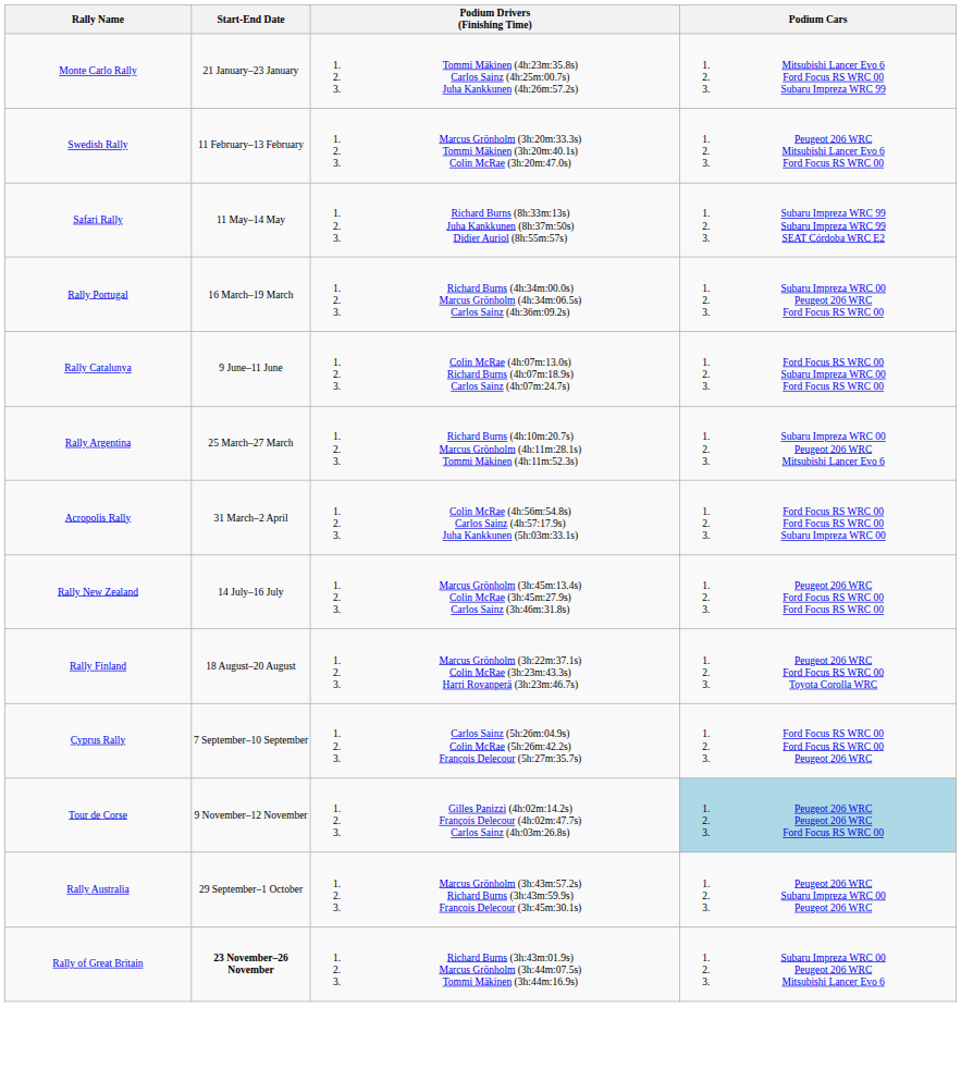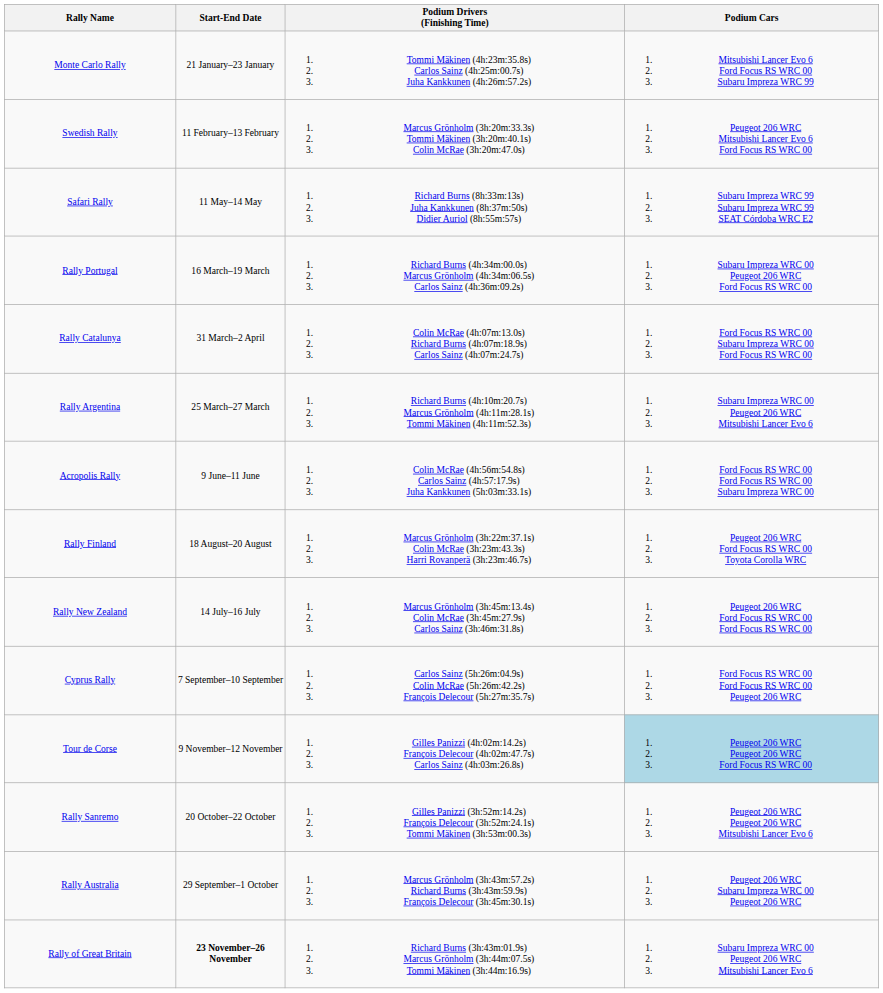 <table class="wikitable" style="font-size: 85%; text-align: center;">
 <tr style="background:#efefef;">
 <th colspan=1 width=20%>Rally Name</th>
 <th colspan=1 width=10%>Start-End Date</th>
 <th colspan=1 width=40%>Podium Drivers <br>(Finishing Time)</th>
 <th colspan=1 width=30%>Podium Cars</th>
 </tr>
 <tr>
 <td> <a href='#'>Monte Carlo Rally</a></td>
 <td>21 January–23 January</td>
 <td><br><ol><li> <a href='#'>Tommi Mäkinen</a> (4h:23m:35.8s)</li><li> <a href='#'>Carlos Sainz</a> (4h:25m:00.7s)</li><li> <a href='#'>Juha Kankkunen</a> (4h:26m:57.2s)</li></ol></td>
 <td><br><ol><li><a href='#'>Mitsubishi Lancer Evo 6</a></li><li><a href='#'>Ford Focus RS WRC 00</a></li><li><a href='#'>Subaru Impreza WRC 99</a></li></ol></td>
 </tr>
 <tr>
 <td> <a href='#'>Swedish Rally</a></td>
 <td>11 February–13 February</td>
 <td><br><ol><li> <a href='#'>Marcus Grönholm</a> (3h:20m:33.3s)</li><li> <a href='#'>Tommi Mäkinen</a> (3h:20m:40.1s)</li><li> <a href='#'>Colin McRae</a> (3h:20m:47.0s)</li></ol></td>
 <td><br><ol><li><a href='#'>Peugeot 206 WRC</a></li><li><a href='#'>Mitsubishi Lancer Evo 6</a></li><li><a href='#'>Ford Focus RS WRC 00</a></li></ol></td>
 </tr>
 <tr>
 <td> <a href='#'>Safari Rally</a></td>
 <td>11 May–14 May</td>
 <td><br><ol><li> <a href='#'>Richard Burns</a> (8h:33m:13s)</li><li> <a href='#'>Juha Kankkunen</a> (8h:37m:50s)</li><li> <a href='#'>Didier Auriol</a> (8h:55m:57s)</li></ol></td>
 <td><br><ol><li><a href='#'>Subaru Impreza WRC 99</a></li><li><a href='#'>Subaru Impreza WRC 99</a></li><li><a href='#'>SEAT Córdoba WRC E2</a></li></ol></td>
 </tr>
 <tr>
 <td> <a href='#'>Rally Portugal</a></td>
 <td>16 March–19 March</td>
 <td><br><ol><li> <a href='#'>Richard Burns</a> (4h:34m:00.0s)</li><li> <a href='#'>Marcus Grönholm</a> (4h:34m:06.5s)</li><li> <a href='#'>Carlos Sainz</a> (4h:36m:09.2s)</li></ol></td>
 <td><br><ol><li><a href='#'>Subaru Impreza WRC 00</a></li><li><a href='#'>Peugeot 206 WRC</a></li><li><a href='#'>Ford Focus RS WRC 00</a></li></ol></td>
 </tr>
 <tr>
 <td> <a href='#'>Rally Catalunya</a></td>
-<td>9 June–11 June</td>
+<td>31 March–2 April</td>
 <td><br><ol><li> <a href='#'>Colin McRae</a> (4h:07m:13.0s)</li><li> <a href='#'>Richard Burns</a> (4h:07m:18.9s)</li><li> <a href='#'>Carlos Sainz</a> (4h:07m:24.7s)</li></ol></td>
 <td><br><ol><li><a href='#'>Ford Focus RS WRC 00</a></li><li><a href='#'>Subaru Impreza WRC 00</a></li><li><a href='#'>Ford Focus RS WRC 00</a></li></ol></td>
 </tr>
 <tr>
 <td> <a href='#'>Rally Argentina</a></td>
 <td>25 March–27 March</td>
 <td><br><ol><li> <a href='#'>Richard Burns</a> (4h:10m:20.7s)</li><li> <a href='#'>Marcus Grönholm</a> (4h:11m:28.1s)</li><li> <a href='#'>Tommi Mäkinen</a> (4h:11m:52.3s)</li></ol></td>
 <td><br><ol><li><a href='#'>Subaru Impreza WRC 00</a></li><li><a href='#'>Peugeot 206 WRC</a></li><li><a href='#'>Mitsubishi Lancer Evo 6</a></li></ol></td>
 </tr>
 <tr>
 <td> <a href='#'>Acropolis Rally</a></td>
-<td>31 March–2 April</td>
+<td>9 June–11 June</td>
 <td><br><ol><li> <a href='#'>Colin McRae</a> (4h:56m:54.8s)</li><li> <a href='#'>Carlos Sainz</a> (4h:57:17.9s)</li><li> <a href='#'>Juha Kankkunen</a> (5h:03m:33.1s)</li></ol></td>
 <td><br><ol><li><a href='#'>Ford Focus RS WRC 00</a></li><li><a href='#'>Ford Focus RS WRC 00</a></li><li><a href='#'>Subaru Impreza WRC 00</a></li></ol></td>
+</tr>
+<tr>
+<td> <a href='#'>Rally Finland</a></td>
+<td>18 August–20 August</td>
+<td><br><ol><li> <a href='#'>Marcus Grönholm</a> (3h:22m:37.1s)</li><li> <a href='#'>Colin McRae</a> (3h:23m:43.3s)</li><li> <a href='#'>Harri Rovanperä</a> (3h:23m:46.7s)</li></ol></td>
+<td><br><ol><li><a href='#'>Peugeot 206 WRC</a></li><li><a href='#'>Ford Focus RS WRC 00</a></li><li><a href='#'>Toyota Corolla WRC</a></li></ol></td>
 </tr>
 <tr>
 <td> <a href='#'>Rally New Zealand</a></td>
 <td>14 July–16 July</td>
 <td><br><ol><li> <a href='#'>Marcus Grönholm</a> (3h:45m:13.4s)</li><li> <a href='#'>Colin McRae</a> (3h:45m:27.9s)</li><li> <a href='#'>Carlos Sainz</a> (3h:46m:31.8s)</li></ol></td>
 <td><br><ol><li><a href='#'>Peugeot 206 WRC</a></li><li><a href='#'>Ford Focus RS WRC 00</a></li><li><a href='#'>Ford Focus RS WRC 00</a></li></ol></td>
-</tr>
-<tr>
-<td> <a href='#'>Rally Finland</a></td>
-<td>18 August–20 August</td>
-<td><br><ol><li> <a href='#'>Marcus Grönholm</a> (3h:22m:37.1s)</li><li> <a href='#'>Colin McRae</a> (3h:23m:43.3s)</li><li> <a href='#'>Harri Rovanperä</a> (3h:23m:46.7s)</li></ol></td>
-<td><br><ol><li><a href='#'>Peugeot 206 WRC</a></li><li><a href='#'>Ford Focus RS WRC 00</a></li><li><a href='#'>Toyota Corolla WRC</a></li></ol></td>
 </tr>
 <tr>
 <td> <a href='#'>Cyprus Rally</a></td>
 <td nowrap>7 September–10 September</td>
 <td><br><ol><li> <a href='#'>Carlos Sainz</a> (5h:26m:04.9s)</li><li> <a href='#'>Colin McRae</a> (5h:26m:42.2s)</li><li> <a href='#'>François Delecour</a> (5h:27m:35.7s)</li></ol></td>
 <td><br><ol><li><a href='#'>Ford Focus RS WRC 00</a></li><li><a href='#'>Ford Focus RS WRC 00</a></li><li><a href='#'>Peugeot 206 WRC</a></li></ol></td>
 </tr>
 <tr>
 <td> <a href='#'>Tour de Corse</a></td>
 <td>9 November–12 November</td>
 <td><br><ol><li> <a href='#'>Gilles Panizzi</a> (4h:02m:14.2s)</li><li> <a href='#'>François Delecour</a> (4h:02m:47.7s)</li><li> <a href='#'>Carlos Sainz</a> (4h:03m:26.8s)</li></ol></td>
 <td style="background: lightblue;"><br><ol><li><a href='#'>Peugeot 206 WRC</a></li><li><a href='#'>Peugeot 206 WRC</a></li><li><a href='#'>Ford Focus RS WRC 00</a></li></ol></td>
 </tr>
 <tr>
+<td> <a href='#'>Rally Sanremo</a></td>
+<td>20 October–22 October</td>
+<td><br><ol><li> <a href='#'>Gilles Panizzi</a> (3h:52m:14.2s)</li><li> <a href='#'>François Delecour</a> (3h:52m:24.1s)</li><li> <a href='#'>Tommi Mäkinen</a> (3h:53m:00.3s)</li></ol></td>
+<td><br><ol><li><a href='#'>Peugeot 206 WRC</a></li><li><a href='#'>Peugeot 206 WRC</a></li><li><a href='#'>Mitsubishi Lancer Evo 6</a></li></ol></td>
+</tr>
+<tr>
 <td> <a href='#'>Rally Australia</a></td>
 <td>29 September–1 October</td>
 <td><br><ol><li> <a href='#'>Marcus Grönholm</a> (3h:43m:57.2s)</li><li> <a href='#'>Richard Burns</a> (3h:43m:59.9s)</li><li> <a href='#'>François Delecour</a> (3h:45m:30.1s)</li></ol></td>
 <td><br><ol><li><a href='#'>Peugeot 206 WRC</a></li><li><a href='#'>Subaru Impreza WRC 00</a></li><li><a href='#'>Peugeot 206 WRC</a></li></ol></td>
 </tr>
 <tr>
 <td nowrap> <a href='#'>Rally of Great Britain</a></td>
 <td><strong>23 November–26 November</strong></td>
 <td><br><ol><li> <a href='#'>Richard Burns</a> (3h:43m:01.9s)</li><li> <a href='#'>Marcus Grönholm</a> (3h:44m:07.5s)</li><li> <a href='#'>Tommi Mäkinen</a> (3h:44m:16.9s)</li></ol></td>
 <td><br><ol><li><a href='#'>Subaru Impreza WRC 00</a></li><li><a href='#'>Peugeot 206 WRC</a></li><li><a href='#'>Mitsubishi Lancer Evo 6</a></li></ol></td>
 </tr>
 </table>
